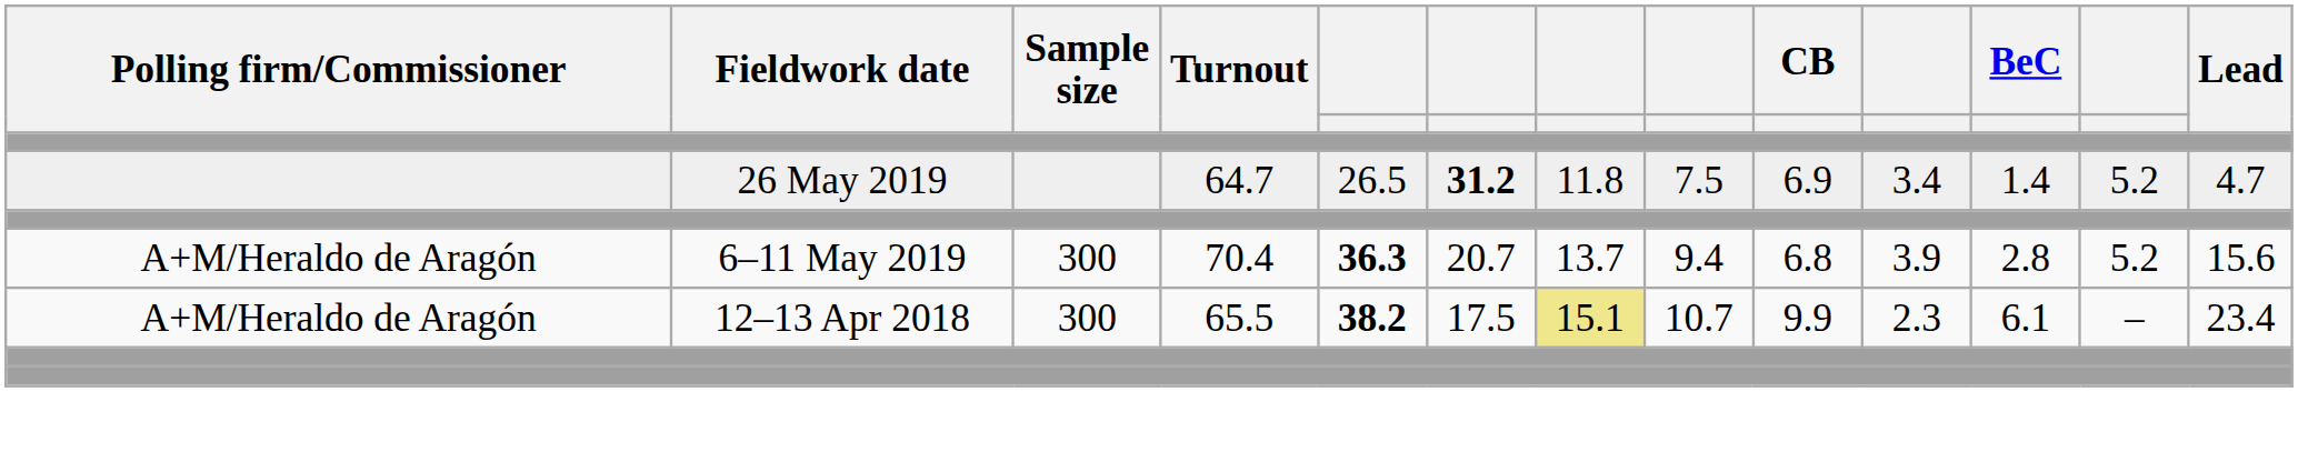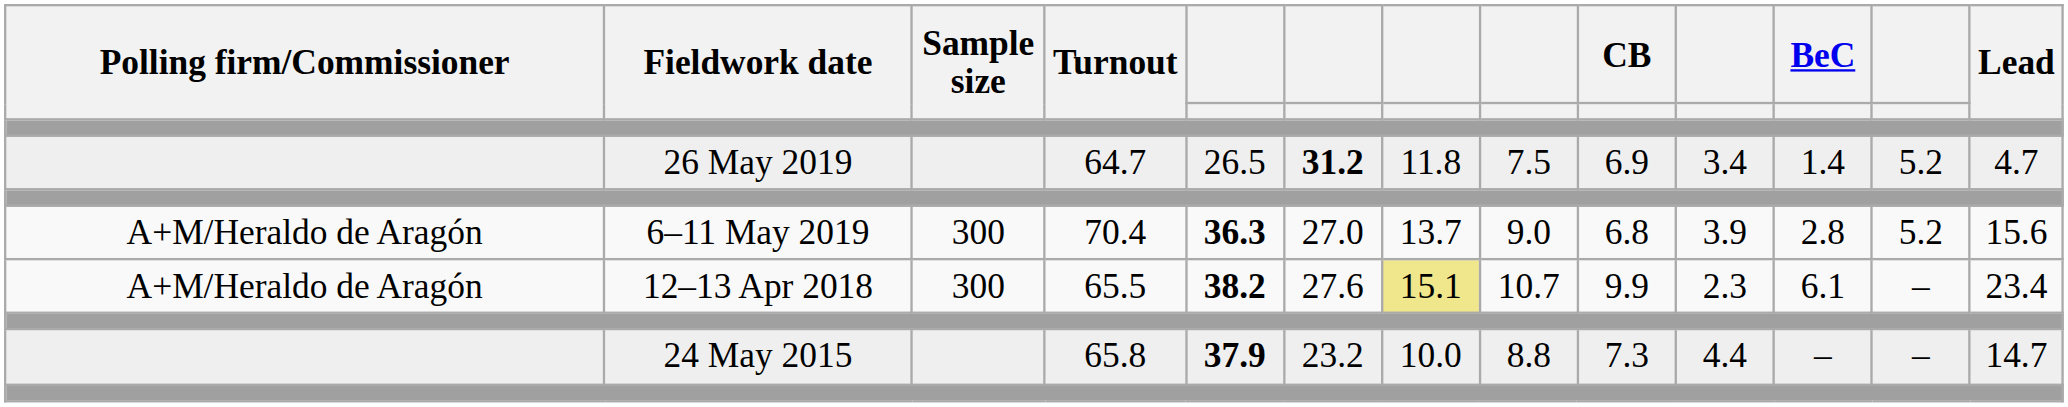 <table class="wikitable collapsible collapsed" style="text-align:center; font-size:95%; line-height:16px;">
 <tr style="height:42px;">
 <th style="width:250px;" rowspan="2">Polling firm/Commissioner</th>
 <th style="width:125px;" rowspan="2">Fieldwork date</th>
 <th style="width:50px;" rowspan="2">Sample size</th>
 <th style="width:45px;" rowspan="2">Turnout</th>
 <th style="width:35px;"></th>
 <th style="width:35px;"></th>
 <th style="width:35px;"></th>
 <th style="width:35px;"></th>
 <th style="width:35px;">CB</th>
 <th style="width:35px;"></th>
 <th style="width:35px;"><a href='#'>BeC</a></th>
 <th style="width:35px;"></th>
 <th style="width:30px;" rowspan="2">Lead</th>
 </tr>
 <tr>
 <th style="color:inherit;background:"></th>
 <th style="color:inherit;background:"></th>
 <th style="color:inherit;background:"></th>
 <th style="color:inherit;background:"></th>
 <th style="color:inherit;background:"></th>
 <th style="color:inherit;background:"></th>
 <th style="color:inherit;background:"></th>
 <th style="color:inherit;background:"></th>
 </tr>
 <tr>
 <td colspan="13" style="background:#A0A0A0"></td>
 </tr>
 <tr style="background:#EFEFEF;">
 <td><strong></strong></td>
 <td>26 May 2019</td>
 <td></td>
 <td>64.7</td>
 <td>26.5<br></td>
 <td><strong>31.2</strong><br></td>
 <td>11.8<br></td>
 <td>7.5<br></td>
 <td>6.9<br></td>
 <td>3.4<br></td>
 <td>1.4<br></td>
 <td>5.2<br></td>
 <td style="background:">4.7</td>
 </tr>
 <tr>
 <td colspan="13" style="background:#A0A0A0"></td>
 </tr>
 <tr>
 <td>A+M/Heraldo de Aragón</td>
 <td>6–11 May 2019</td>
 <td>300</td>
 <td>70.4</td>
 <td><strong>36.3</strong><br></td>
-<td>20.7<br></td>
+<td>27.0<br></td>
 <td>13.7<br></td>
-<td>9.4<br></td>
+<td>9.0<br></td>
 <td>6.8<br></td>
 <td>3.9<br></td>
 <td>2.8<br></td>
 <td>5.2<br></td>
 <td style="background:">15.6</td>
 </tr>
 <tr>
 <td>A+M/Heraldo de Aragón</td>
 <td>12–13 Apr 2018</td>
 <td>300</td>
 <td>65.5</td>
 <td><strong>38.2</strong><br></td>
-<td>17.5<br></td>
+<td>27.6<br></td>
 <td style="background: khaki;">15.1<br></td>
 <td>10.7<br></td>
 <td>9.9<br></td>
 <td>2.3<br></td>
 <td>6.1<br></td>
 <td>–</td>
 <td style="background:">23.4</td>
 </tr>
 <tr>
 <td colspan="13" style="background:#A0A0A0"></td>
 </tr>
+<tr style="background:#EFEFEF;">
+<td><strong></strong></td>
+<td>24 May 2015</td>
+<td></td>
+<td>65.8</td>
+<td><strong>37.9</strong><br></td>
+<td>23.2<br></td>
+<td>10.0<br></td>
+<td>8.8<br></td>
+<td>7.3<br></td>
+<td>4.4<br></td>
+<td>–</td>
+<td>–</td>
+<td style="background:">14.7</td>
+</tr>
 <tr>
 <td colspan="13" style="background:#A0A0A0"></td>
 </tr>
 </table>
